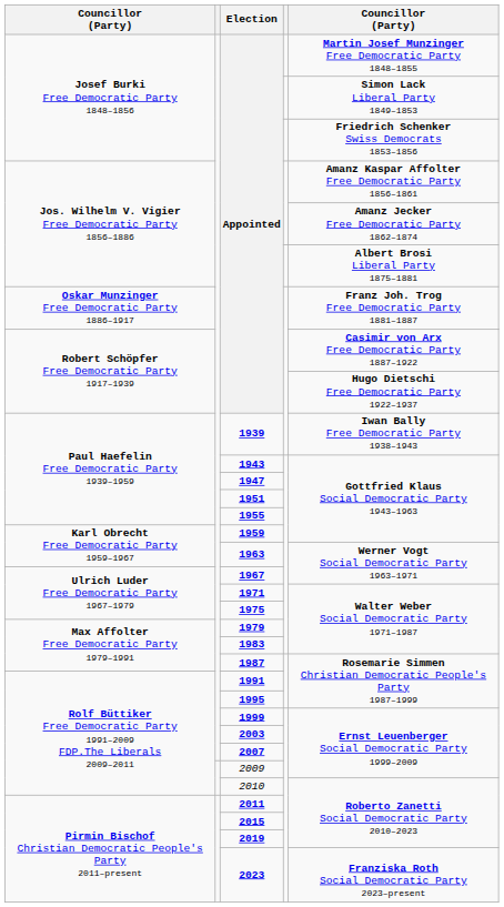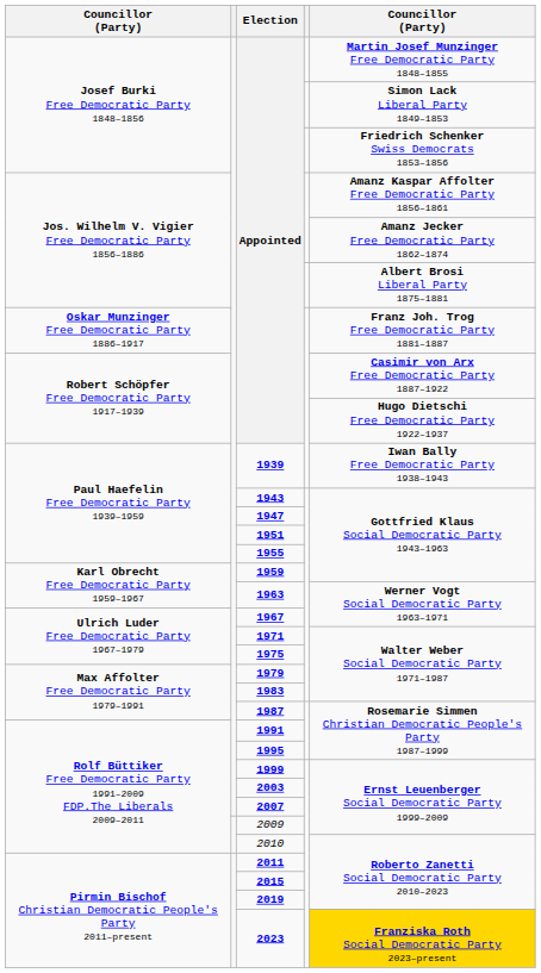 <table class="wikitable" style="text-align:center">
 <tr>
 <th scope="col" width="250" colspan = "1">Councillor<br> (Party)</th>
 <th></th>
 <th>Election</th>
 <th></th>
 <th scope="col" width="250" colspan = "1">Councillor<br> (Party)</th>
 </tr>
 <tr>
 <td rowspan=3><strong>Josef Burki</strong><br><a href='#'>Free Democratic Party</a><br><small>1848–1856</small></td>
 <td rowspan=30; style="background-color: "></td>
 <th rowspan=12>Appointed</th>
 <td rowspan=1; style="background-color: "></td>
 <td rowspan=1><strong><a href='#'>Martin Josef Munzinger</a></strong><br><a href='#'>Free Democratic Party</a><br><small>1848–1855</small></td>
 </tr>
 <tr>
 <td rowspan=1; style="background-color: "></td>
 <td rowspan=1><strong>Simon Lack</strong><br><a href='#'>Liberal Party</a><br><small>1849–1853</small></td>
 </tr>
 <tr>
 <td rowspan=1; style="background-color: "></td>
 <td rowspan=1><strong>Friedrich Schenker</strong><br><a href='#'>Swiss Democrats</a><br><small>1853–1856</small></td>
 </tr>
 <tr>
 <td rowspan=4><strong>Jos. Wilhelm V. Vigier</strong><br><a href='#'>Free Democratic Party</a><br><small>1856–1886</small></td>
 <td rowspan=2; style="background-color: "></td>
 <td rowspan=1><strong>Amanz Kaspar Affolter</strong><br><a href='#'>Free Democratic Party</a><br><small>1856–1861</small></td>
 </tr>
 <tr>
 <td rowspan=1><strong>Amanz Jecker</strong><br><a href='#'>Free Democratic Party</a><br><small>1862–1874</small></td>
 </tr>
 <tr>
 <td rowspan=1; style="background-color: "></td>
 <td rowspan=1><strong>Albert Brosi</strong><br><a href='#'>Liberal Party</a><br><small>1875–1881</small></td>
 </tr>
 <tr>
 <td rowspan=7; style="background-color: "></td>
 <td rowspan=2><strong>Franz Joh. Trog</strong><br><a href='#'>Free Democratic Party</a><br><small>1881–1887</small></td>
 </tr>
 <tr>
 <td rowspan=2><strong><a href='#'>Oskar Munzinger</a></strong><br><a href='#'>Free Democratic Party</a><br><small>1886–1917</small></td>
 </tr>
 <tr>
 <td rowspan=2><strong><a href='#'>Casimir von Arx</a></strong><br><a href='#'>Free Democratic Party</a><br><small>1887–1922</small></td>
 </tr>
 <tr>
 <td rowspan=3><strong>Robert Schöpfer</strong><br><a href='#'>Free Democratic Party</a><br><small>1917–1939</small></td>
 </tr>
 <tr>
 <td rowspan=1><strong>Hugo Dietschi</strong><br><a href='#'>Free Democratic Party</a><br><small>1922–1937</small></td>
 </tr>
 <tr>
 <td rowspan=2><strong>Iwan Bally</strong><br><a href='#'>Free Democratic Party</a><br><small>1938–1943</small></td>
 </tr>
 <tr>
 <td rowspan=5><strong>Paul Haefelin</strong><br><a href='#'>Free Democratic Party</a><br><small>1939–1959</small></td>
 <td><strong><a href='#'>1939</a></strong></td>
 </tr>
 <tr>
 <td><strong><a href='#'>1943</a></strong></td>
 <td rowspan=11; style="background-color: "></td>
 <td rowspan=5><strong>Gottfried Klaus</strong><br><a href='#'>Social Democratic Party</a><br><small>1943–1963</small></td>
 </tr>
 <tr>
 <td><strong><a href='#'>1947</a></strong></td>
 </tr>
 <tr>
 <td><strong><a href='#'>1951</a></strong></td>
 </tr>
 <tr>
 <td><strong><a href='#'>1955</a></strong></td>
 </tr>
 <tr>
 <td rowspan=2><strong>Karl Obrecht</strong><br><a href='#'>Free Democratic Party</a><br><small>1959–1967</small></td>
 <td><strong><a href='#'>1959</a></strong></td>
 </tr>
 <tr>
 <td><strong><a href='#'>1963</a></strong></td>
 <td rowspan=2><strong>Werner Vogt</strong><br><a href='#'>Social Democratic Party</a><br><small>1963–1971</small></td>
 </tr>
 <tr>
 <td rowspan=3><strong>Ulrich Luder</strong><br><a href='#'>Free Democratic Party</a><br><small>1967–1979</small></td>
 <td><strong><a href='#'>1967</a></strong></td>
 </tr>
 <tr>
 <td><strong><a href='#'>1971</a></strong></td>
 <td rowspan=4><strong>Walter Weber</strong><br><a href='#'>Social Democratic Party</a><br><small>1971–1987</small></td>
 </tr>
 <tr>
 <td><strong><a href='#'>1975</a></strong></td>
 </tr>
 <tr>
 <td rowspan=3><strong>Max Affolter</strong><br><a href='#'>Free Democratic Party</a><br><small>1979–1991</small></td>
 <td><strong><a href='#'>1979</a></strong></td>
 </tr>
 <tr>
 <td><strong><a href='#'>1983</a></strong></td>
 </tr>
 <tr>
 <td><strong><a href='#'>1987</a></strong></td>
 <td rowspan=3; style="background-color: "></td>
 <td rowspan=3><strong>Rosemarie Simmen</strong><br><a href='#'>Christian Democratic People's Party</a><br><small>1987–1999</small></td>
 </tr>
 <tr>
 <td rowspan=7><br><strong><a href='#'>Rolf Büttiker</a></strong><br><a href='#'>Free Democratic Party</a><br><small>1991–2009</small><br><a href='#'>FDP.The Liberals</a><br><small>2009–2011</small></td>
 <td><strong><a href='#'>1991</a></strong></td>
 </tr>
 <tr>
 <td><strong><a href='#'>1995</a></strong></td>
 </tr>
 <tr>
 <td><strong><a href='#'>1999</a></strong></td>
 <td rowspan=9; style="background-color: "></td>
 <td rowspan=4><br><strong><a href='#'>Ernst Leuenberger</a></strong><br><a href='#'>Social Democratic Party</a><br><small>1999–2009</small></td>
 </tr>
 <tr>
 <td><strong><a href='#'>2003</a></strong></td>
 </tr>
 <tr>
 <td><strong><a href='#'>2007</a></strong></td>
 </tr>
 <tr>
 <td rowspan=2; style="background-color: "></td>
 <td><em>2009</em></td>
 </tr>
 <tr>
 <td><em>2010</em></td>
 <td rowspan=4><br><strong><a href='#'>Roberto Zanetti</a></strong><br><a href='#'>Social Democratic Party</a><br><small>2010–2023</small></td>
 </tr>
 <tr>
 <td rowspan=4><br><strong><a href='#'>Pirmin Bischof</a></strong><br><a href='#'>Christian Democratic People's Party</a><br><small>2011–present</small></td>
 <td rowspan=4; style="background-color: "></td>
 <td><strong><a href='#'>2011</a></strong></td>
 </tr>
 <tr>
 <td><strong><a href='#'>2015</a></strong></td>
 </tr>
 <tr>
 <td><strong><a href='#'>2019</a></strong></td>
 </tr>
 <tr>
 <td><strong><a href='#'>2023</a></strong></td>
-<td rowspan=1><br><strong><a href='#'>Franziska Roth</a></strong><br><a href='#'>Social Democratic Party</a><br><small>2023–present</small></td>
+<td rowspan=1 style="background: gold;"><br><strong><a href='#'>Franziska Roth</a></strong><br><a href='#'>Social Democratic Party</a><br><small>2023–present</small></td>
 </tr>
 </table>
